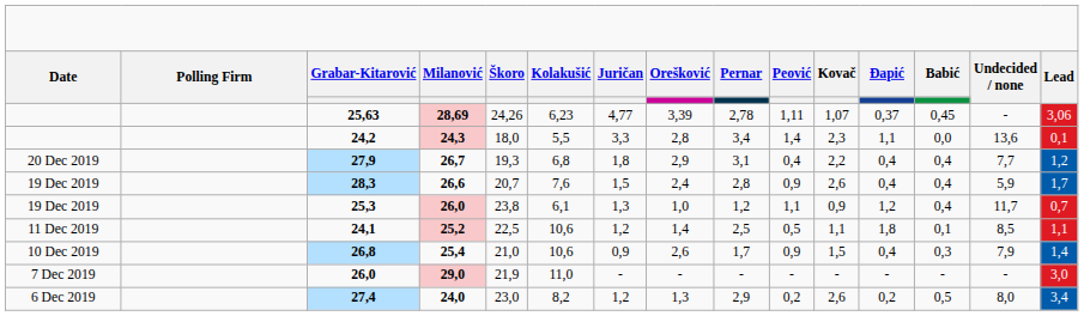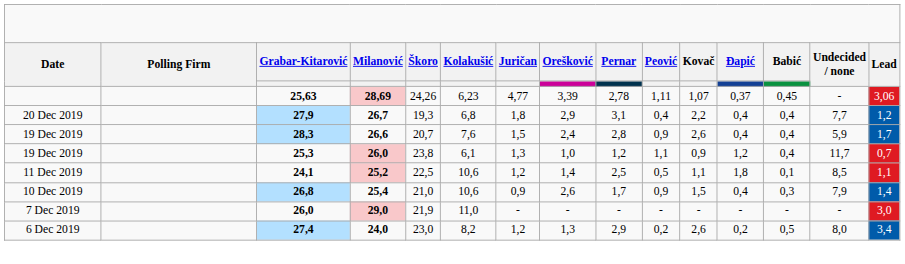 <table class="wikitable" style="text-align:center; font-size:80%">
 <tr style="height:42px; background-color:#E9E9E9; font-size:95%;">
 </tr>
 <tr style="height:42px;">
 <th style="width:100px;" rowspan="2">Date</th>
 <th style="width:165px;" rowspan="2">Polling Firm</th>
 <th><a href='#'>Grabar-Kitarović</a></th>
 <th><a href='#'>Milanović</a></th>
 <th><a href='#'>Škoro</a></th>
 <th><a href='#'>Kolakušić</a></th>
 <th><a href='#'>Juričan</a></th>
 <th><a href='#'>Orešković</a></th>
 <th><a href='#'>Pernar</a></th>
 <th><a href='#'>Peović</a></th>
 <th>Kovač</th>
 <th><a href='#'>Đapić</a></th>
 <th>Babić</th>
 <th style="width:40px;" rowspan="2">Undecided / none</th>
 <th style="width:20px;" rowspan="2">Lead</th>
 </tr>
 <tr>
 <th style="background:"></th>
 <th style="background:"></th>
 <th style="background:"></th>
 <th style="background:"></th>
 <th style="background:"></th>
 <th style="background:#CC0099; width:45px;"></th>
 <th style="background:#00324E; width:45px;"></th>
 <th style="background:"></th>
 <th style="background:"></th>
 <th style="background:#134094; width:45px;"></th>
 <th style="background:#099240; width:45px;"></th>
 </tr>
 <tr>
 <td></td>
 <td></td>
 <td><strong>25,63</strong></td>
 <td style="background:#F9C8CA"><strong>28,69</strong></td>
 <td>24,26</td>
 <td>6,23</td>
 <td>4,77</td>
 <td>3,39</td>
 <td>2,78</td>
 <td>1,11</td>
 <td>1,07</td>
 <td>0,37</td>
 <td>0,45</td>
 <td>-</td>
 <td style="background:#DF1A22; color:white;">3,06</td>
-</tr>
-<tr>
-<td></td>
-<td></td>
-<td><strong>24,2</strong></td>
-<td style="background:#F9C8CA"><strong>24,3</strong></td>
-<td>18,0</td>
-<td>5,5</td>
-<td>3,3</td>
-<td>2,8</td>
-<td>3,4</td>
-<td>1,4</td>
-<td>2,3</td>
-<td>1,1</td>
-<td>0,0</td>
-<td>13,6</td>
-<td style="background:#DF1A22; color:white;">0,1</td>
 </tr>
 <tr>
 <td>20 Dec 2019</td>
 <td></td>
 <td style="background:#B3E0FF"><strong>27,9</strong></td>
 <td><strong>26,7</strong></td>
 <td>19,3</td>
 <td>6,8</td>
 <td>1,8</td>
 <td>2,9</td>
 <td>3,1</td>
 <td>0,4</td>
 <td>2,2</td>
 <td>0,4</td>
 <td>0,4</td>
 <td>7,7</td>
 <td style="background:#005BAA; color:white;">1,2</td>
 </tr>
 <tr>
 <td>19 Dec 2019</td>
 <td></td>
 <td style="background:#B3E0FF"><strong>28,3</strong></td>
 <td><strong>26,6</strong></td>
 <td>20,7</td>
 <td>7,6</td>
 <td>1,5</td>
 <td>2,4</td>
 <td>2,8</td>
 <td>0,9</td>
 <td>2,6</td>
 <td>0,4</td>
 <td>0,4</td>
 <td>5,9</td>
 <td style="background:#005BAA; color:white;">1,7</td>
 </tr>
 <tr>
 <td>19 Dec 2019</td>
 <td></td>
 <td><strong>25,3</strong></td>
 <td style="background:#F9C8CA"><strong>26,0</strong></td>
 <td>23,8</td>
 <td>6,1</td>
 <td>1,3</td>
 <td>1,0</td>
 <td>1,2</td>
 <td>1,1</td>
 <td>0,9</td>
 <td>1,2</td>
 <td>0,4</td>
 <td>11,7</td>
 <td style="background:#DF1A22; color:white;">0,7</td>
 </tr>
 <tr>
 <td>11 Dec 2019</td>
 <td></td>
 <td><strong>24,1</strong></td>
 <td style="background:#F9C8CA"><strong>25,2</strong></td>
 <td>22,5</td>
 <td>10,6</td>
 <td>1,2</td>
 <td>1,4</td>
 <td>2,5</td>
 <td>0,5</td>
 <td>1,1</td>
 <td>1,8</td>
 <td>0,1</td>
 <td>8,5</td>
 <td style="background:#DF1A22; color:white;">1,1</td>
 </tr>
 <tr>
 <td>10 Dec 2019</td>
 <td></td>
 <td style="background:#B3E0FF"><strong>26,8</strong></td>
 <td><strong>25,4</strong></td>
 <td>21,0</td>
 <td>10,6</td>
 <td>0,9</td>
 <td>2,6</td>
 <td>1,7</td>
 <td>0,9</td>
 <td>1,5</td>
 <td>0,4</td>
 <td>0,3</td>
 <td>7,9</td>
 <td style="background:#005BAA; color:white;">1,4</td>
 </tr>
 <tr>
 <td>7 Dec 2019</td>
 <td></td>
 <td><strong>26,0</strong></td>
 <td style="background:#F9C8CA"><strong>29,0</strong></td>
 <td>21,9</td>
 <td>11,0</td>
 <td>-</td>
 <td>-</td>
 <td>-</td>
 <td>-</td>
 <td>-</td>
 <td>-</td>
 <td>-</td>
 <td>-</td>
 <td style="background:#DF1A22; color:white;">3,0</td>
 </tr>
 <tr>
 <td>6 Dec 2019</td>
 <td></td>
 <td style="background:#B3E0FF"><strong>27,4</strong></td>
 <td><strong>24,0</strong></td>
 <td>23,0</td>
 <td>8,2</td>
 <td>1,2</td>
 <td>1,3</td>
 <td>2,9</td>
 <td>0,2</td>
 <td>2,6</td>
 <td>0,2</td>
 <td>0,5</td>
 <td>8,0</td>
 <td style="background:#005BAA; color:white;">3,4</td>
 </tr>
 </table>
